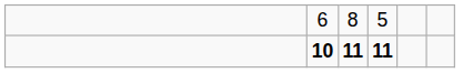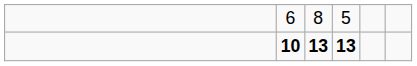 <table class="wikitable">
 <tr>
 <td style="width:15em"></td>
 <td align=center style="width:1em">6</td>
 <td align=center style="width:1em">8</td>
 <td align=center style="width:1em">5</td>
 <td align=center style="width:1em"></td>
 <td align=center style="width:1em"></td>
 </tr>
 <tr>
 <td style="width:15em"></td>
 <td align=center style="width:1em"><strong>10</strong></td>
-<td align=center style="width:1em"><strong>11</strong></td>
-<td align=center style="width:1em"><strong>11</strong></td>
+<td align=center style="width:1em"><strong>13</strong></td>
+<td align=center style="width:1em"><strong>13</strong></td>
 <td align=center style="width:1em"></td>
 <td align=center style="width:1em"></td>
 </tr>
 </table>
